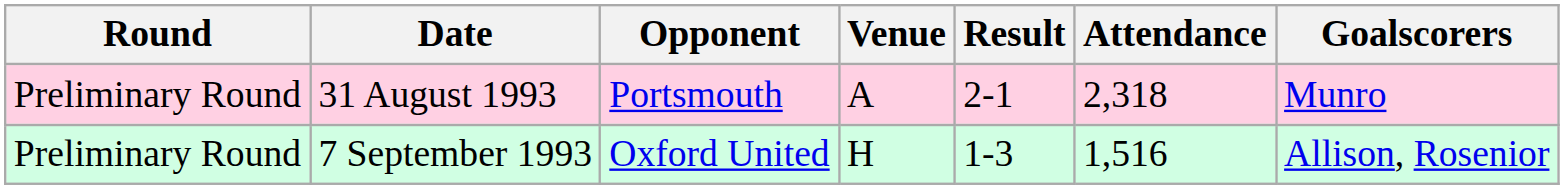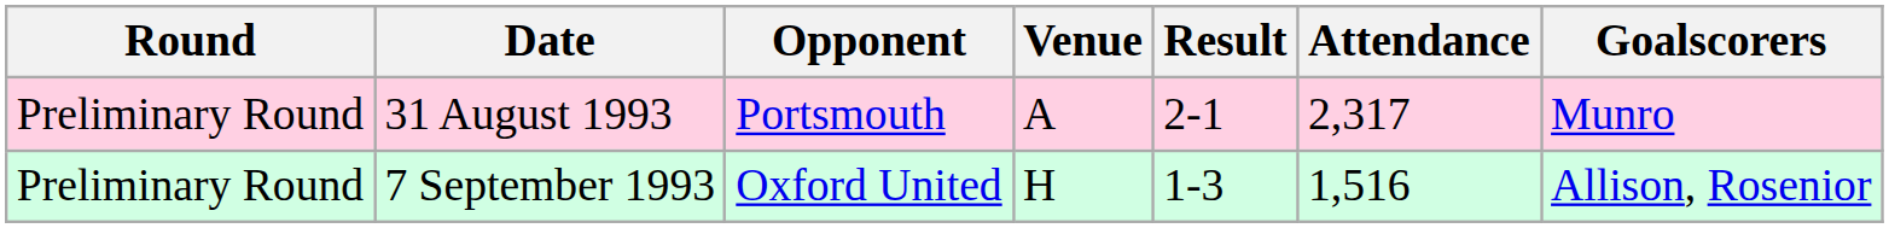 <table class="wikitable">
 <tr>
 <th>Round</th>
 <th>Date</th>
 <th>Opponent</th>
 <th>Venue</th>
 <th>Result</th>
 <th>Attendance</th>
 <th>Goalscorers</th>
 </tr>
 <tr style="background-color: #ffd0e3;">
 <td>Preliminary Round</td>
 <td>31 August 1993</td>
 <td><a href='#'>Portsmouth</a></td>
 <td>A</td>
 <td>2-1</td>
-<td>2,318</td>
+<td>2,317</td>
 <td><a href='#'>Munro</a></td>
 </tr>
 <tr style="background-color: #d0ffe3;">
 <td>Preliminary Round</td>
 <td>7 September 1993</td>
 <td><a href='#'>Oxford United</a></td>
 <td>H</td>
 <td>1-3</td>
 <td>1,516</td>
 <td><a href='#'>Allison</a>, <a href='#'>Rosenior</a></td>
 </tr>
 </table>
